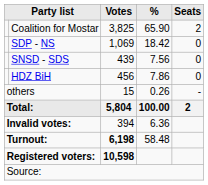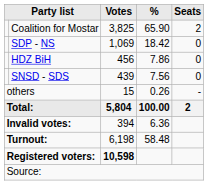 <table class="wikitable" border="1">
 <tr>
 <th colspan="2" align="center" style="background-color:#E9E9E9">Party list</th>
 <th align="center" style="background-color:#E9E9E9">Votes</th>
 <th align="center" style="background-color:#E9E9E9">%</th>
 <th align="center" style="background-color:#E9E9E9">Seats</th>
 </tr>
 <tr>
 <td></td>
 <td align="left">Coalition for Mostar</td>
 <td align="right">3,825</td>
 <td align="right">65.90</td>
 <td align="right">2</td>
 </tr>
 <tr>
 <td></td>
 <td align="left"><a href='#'>SDP</a> - <a href='#'>NS</a></td>
 <td align="right">1,069</td>
 <td align="right">18.42</td>
 <td align="right">0</td>
 </tr>
 <tr>
 <td></td>
-<td align="left"><a href='#'>SNSD</a> - <a href='#'>SDS</a></td>
-<td align="right">439</td>
-<td align="right">7.56</td>
+<td align="left"><a href='#'>HDZ BiH</a></td>
+<td align="right">456</td>
+<td align="right">7.86</td>
 <td align="right">0</td>
 </tr>
 <tr>
 <td></td>
-<td align="left"><a href='#'>HDZ BiH</a></td>
-<td align="right">456</td>
-<td align="right">7.86</td>
+<td align="left"><a href='#'>SNSD</a> - <a href='#'>SDS</a></td>
+<td align="right">439</td>
+<td align="right">7.56</td>
 <td align="right">0</td>
 </tr>
 <tr>
 <td colspan="2">others</td>
 <td align="right">15</td>
 <td align="right">0.26</td>
 <td align="right">-</td>
 </tr>
 <tr style="background-color:#E9E9E9">
 <td colspan="2" align="left"><strong>Total:</strong></td>
 <th align="right">5,804</th>
 <th align="right">100.00</th>
 <th align="right">2</th>
 </tr>
 <tr>
 <td colspan="2" align="left"><strong>Invalid votes:</strong></td>
 <td align="right">394</td>
 <td align="right">6.36</td>
 <td align="right"></td>
 </tr>
 <tr>
 <td colspan="2" align="left"><strong>Turnout:</strong></td>
-<td align="right"><strong>6,198</strong></td>
+<td align="right">6,198</td>
 <td align="right">58.48</td>
 <td align="right"></td>
 </tr>
 <tr>
 <td colspan="2" align="left"><strong>Registered voters:</strong></td>
 <td align="right"><strong>10,598</strong></td>
 <td align="right"></td>
 <td align="right"></td>
 </tr>
 <tr>
 <td colspan="5" align="left">Source: </td>
 </tr>
 </table>
